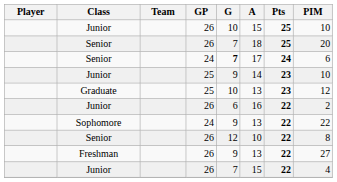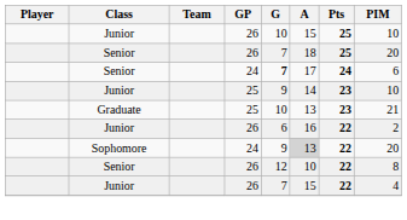 <table class="wikitable sortable" style="text-align: center; "width=60%">
 <tr>
 <th>Player</th>
 <th>Class</th>
 <th>Team</th>
 <th>GP</th>
 <th>G</th>
 <th>A</th>
 <th>Pts</th>
 <th>PIM</th>
 </tr>
 <tr>
 <td style="text-align: left"></td>
 <td>Junior</td>
 <td><strong><a href='#'></a></strong></td>
 <td style="text-align: right">26</td>
 <td style="text-align: right">10</td>
 <td style="text-align: right">15</td>
 <td style="text-align: right"><strong>25</strong></td>
 <td style="text-align: right">10</td>
 </tr>
 <tr bgcolor=f0f0f0>
 <td style="text-align: left"></td>
 <td>Senior</td>
 <td><strong><a href='#'></a></strong></td>
 <td style="text-align: right">26</td>
 <td style="text-align: right">7</td>
 <td style="text-align: right">18</td>
 <td style="text-align: right"><strong>25</strong></td>
 <td style="text-align: right">20</td>
 </tr>
 <tr>
 <td style="text-align: left"></td>
 <td>Senior</td>
 <td><strong><a href='#'></a></strong></td>
 <td style="text-align: right">24</td>
 <td style="text-align: right"><strong>7</strong></td>
 <td style="text-align: right">17</td>
 <td style="text-align: right"><strong>24</strong></td>
 <td style="text-align: right">6</td>
 </tr>
 <tr bgcolor=f0f0f0>
 <td style="text-align: left"></td>
 <td>Junior</td>
 <td><strong><a href='#'></a></strong></td>
 <td style="text-align: right">25</td>
 <td style="text-align: right">9</td>
 <td style="text-align: right">14</td>
 <td style="text-align: right"><strong>23</strong></td>
 <td style="text-align: right">10</td>
 </tr>
 <tr>
 <td style="text-align: left"></td>
 <td>Graduate</td>
 <td><strong><a href='#'></a></strong></td>
 <td style="text-align: right">25</td>
 <td style="text-align: right">10</td>
 <td style="text-align: right">13</td>
 <td style="text-align: right"><strong>23</strong></td>
-<td style="text-align: right">12</td>
+<td style="text-align: right">21</td>
 </tr>
 <tr bgcolor=f0f0f0>
 <td style="text-align: left"></td>
 <td>Junior</td>
 <td><strong><a href='#'></a></strong></td>
 <td style="text-align: right">26</td>
 <td style="text-align: right">6</td>
 <td style="text-align: right">16</td>
 <td style="text-align: right"><strong>22</strong></td>
 <td style="text-align: right">2</td>
 </tr>
 <tr>
 <td style="text-align: left"></td>
 <td>Sophomore</td>
 <td><strong><a href='#'></a></strong></td>
 <td style="text-align: right">24</td>
 <td style="text-align: right">9</td>
-<td style="text-align: right">13</td>
+<td style="background: lightgrey; text-align: right">13</td>
 <td style="text-align: right"><strong>22</strong></td>
-<td style="text-align: right">22</td>
+<td style="text-align: right">20</td>
 </tr>
 <tr bgcolor=f0f0f0>
 <td style="text-align: left"></td>
 <td>Senior</td>
 <td><strong><a href='#'></a></strong></td>
 <td style="text-align: right">26</td>
 <td style="text-align: right">12</td>
 <td style="text-align: right">10</td>
 <td style="text-align: right"><strong>22</strong></td>
 <td style="text-align: right">8</td>
-</tr>
-<tr>
-<td style="text-align: left"></td>
-<td>Freshman</td>
-<td><strong><a href='#'></a></strong></td>
-<td style="text-align: right">26</td>
-<td style="text-align: right">9</td>
-<td style="text-align: right">13</td>
-<td style="text-align: right"><strong>22</strong></td>
-<td style="text-align: right">27</td>
 </tr>
 <tr bgcolor=f0f0f0>
 <td style="text-align: left"></td>
 <td>Junior</td>
 <td><strong><a href='#'></a></strong></td>
 <td style="text-align: right">26</td>
 <td style="text-align: right">7</td>
 <td style="text-align: right">15</td>
 <td style="text-align: right"><strong>22</strong></td>
 <td style="text-align: right">4</td>
 </tr>
 <tr>
 </tr>
 </table>
